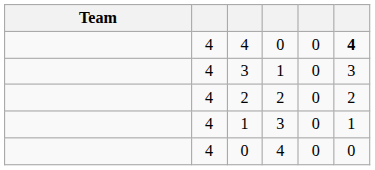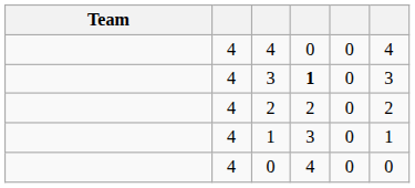 <table class="wikitable sortable static-row-numbers" style="text-align:center; font-size:90%;">
 <tr>
 <th width=160>Team</th>
 <th width=25></th>
 <th width=25></th>
 <th width=25></th>
 <th width=25></th>
 <th width=25></th>
 </tr>
 <tr>
 <td align="left"></td>
 <td>4</td>
 <td>4</td>
 <td>0</td>
 <td>0</td>
-<td><strong>4</strong></td>
+<td>4</td>
 </tr>
 <tr>
 <td align="left"></td>
 <td>4</td>
 <td>3</td>
-<td>1</td>
+<td><strong>1</strong></td>
 <td>0</td>
 <td>3</td>
 </tr>
 <tr>
 <td align="left"></td>
 <td>4</td>
 <td>2</td>
 <td>2</td>
 <td>0</td>
 <td>2</td>
 </tr>
 <tr>
 <td align="left"></td>
 <td>4</td>
 <td>1</td>
 <td>3</td>
 <td>0</td>
 <td>1</td>
 </tr>
 <tr>
 <td align="left"></td>
 <td>4</td>
 <td>0</td>
 <td>4</td>
 <td>0</td>
 <td>0</td>
 </tr>
 </table>
